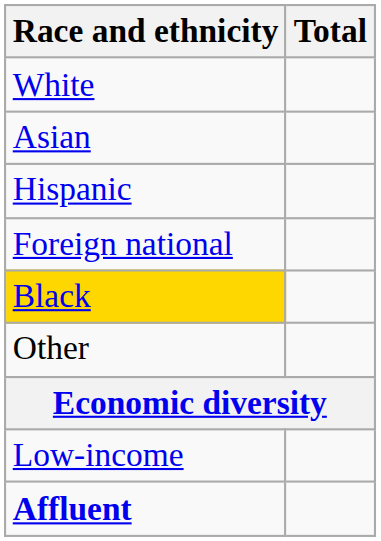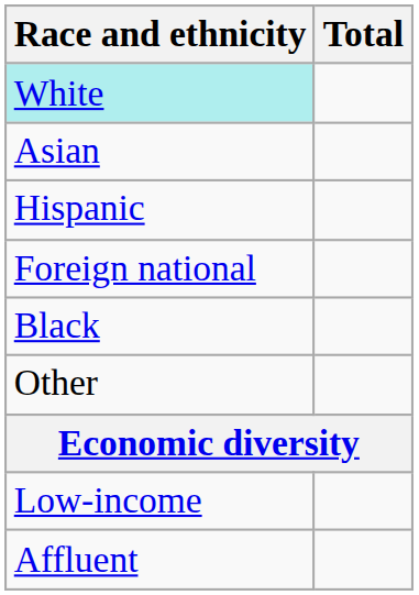 <table class="wikitable floatright sortable collapsible"; text-align:right; font-size:80%;">
 <tr>
 <th>Race and ethnicity</th>
 <th colspan="2" data-sort-type=number>Total</th>
 </tr>
 <tr>
-<td><a href='#'>White</a></td>
+<td style="background: paleturquoise;"><a href='#'>White</a></td>
 <td align=right></td>
 </tr>
 <tr>
 <td><a href='#'>Asian</a></td>
 <td align=right></td>
 </tr>
 <tr>
 <td><a href='#'>Hispanic</a></td>
 <td align=right></td>
 </tr>
 <tr>
 <td><a href='#'>Foreign national</a></td>
 <td align=right></td>
 </tr>
 <tr>
-<td style="background: gold;"><a href='#'>Black</a></td>
+<td><a href='#'>Black</a></td>
 <td align=right></td>
 </tr>
 <tr>
 <td>Other</td>
 <td align=right></td>
 </tr>
 <tr>
 <th colspan="4" data-sort-type=number><a href='#'>Economic diversity</a></th>
 </tr>
 <tr>
 <td><a href='#'>Low-income</a></td>
 <td align=right></td>
 </tr>
 <tr>
-<td><strong><a href='#'>Affluent</a></strong></td>
+<td><a href='#'>Affluent</a></td>
 <td align=right></td>
 </tr>
 </table>
